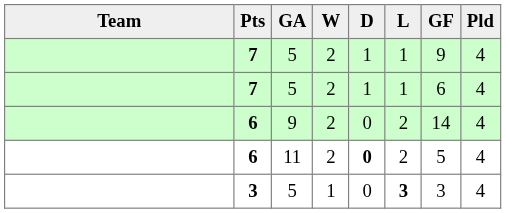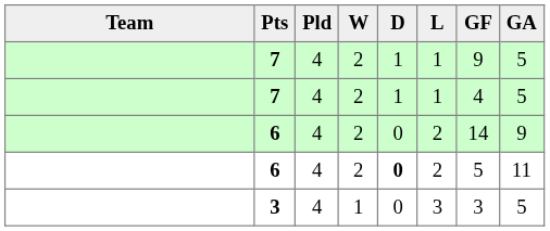 <table style=border-collapse:collapse border=1 cellspacing=0 cellpadding=5>
 <tr align=center bgcolor=#efefef>
 <th width=185>Team</th>
 <th width=20>Pts</th>
-<th width=20>GA</th>
+<th width=20>Pld</th>
 <th width=20>W</th>
 <th width=20>D</th>
 <th width=20>L</th>
 <th width=20>GF</th>
-<th width=20>Pld</th>
+<th width=20>GA</th>
 </tr>
 <tr align=center style="background:#ccffcc">
 <td style="text-align:left;"></td>
 <td><strong>7</strong></td>
-<td>5</td>
+<td>4</td>
 <td>2</td>
 <td>1</td>
 <td>1</td>
 <td>9</td>
-<td>4</td>
+<td>5</td>
 </tr>
 <tr align=center style="background:#ccffcc">
 <td style="text-align:left;"></td>
 <td><strong>7</strong></td>
-<td>5</td>
+<td>4</td>
 <td>2</td>
 <td>1</td>
 <td>1</td>
-<td>6</td>
 <td>4</td>
+<td>5</td>
 </tr>
 <tr align=center style="background:#ccffcc">
 <td style="text-align:left;"></td>
 <td><strong>6</strong></td>
-<td>9</td>
+<td>4</td>
 <td>2</td>
 <td>0</td>
 <td>2</td>
 <td>14</td>
-<td>4</td>
+<td>9</td>
 </tr>
 <tr align=center>
 <td style="text-align:left;"></td>
 <td><strong>6</strong></td>
-<td>11</td>
+<td>4</td>
 <td>2</td>
 <td><strong>0</strong></td>
 <td>2</td>
 <td>5</td>
-<td>4</td>
+<td>11</td>
 </tr>
 <tr align=center>
 <td style="text-align:left;"></td>
 <td><strong>3</strong></td>
-<td>5</td>
+<td>4</td>
 <td>1</td>
 <td>0</td>
-<td><strong>3</strong></td>
 <td>3</td>
-<td>4</td>
+<td>3</td>
+<td>5</td>
 </tr>
 </table>
